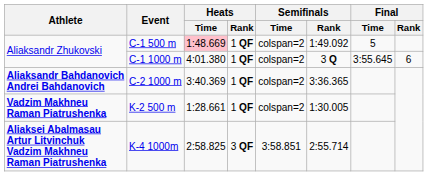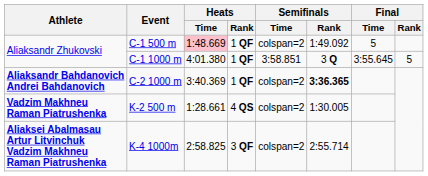 <table class=wikitable style="font-size:90%">
 <tr>
 <th rowspan="2">Athlete</th>
 <th rowspan="2">Event</th>
 <th colspan="2">Heats</th>
 <th colspan="2">Semifinals</th>
 <th colspan="2">Final</th>
 </tr>
 <tr style="font-size:95%">
 <th>Time</th>
 <th>Rank</th>
 <th>Time</th>
 <th>Rank</th>
 <th>Time</th>
 <th>Rank</th>
 </tr>
 <tr align=center>
 <td align=left rowspan=2><a href='#'>Aliaksandr Zhukovski</a></td>
 <td align=left><a href='#'>C-1 500 m</a></td>
 <td style="background: pink;">1:48.669</td>
 <td>1 <strong>QF</strong></td>
 <td>colspan=2 </td>
 <td>1:49.092</td>
 <td>5</td>
 </tr>
 <tr align=center>
 <td align=left><a href='#'>C-1 1000 m</a></td>
 <td>4:01.380</td>
 <td>1 <strong>QF</strong></td>
-<td>colspan=2 </td>
+<td>3:58.851</td>
 <td>3 <strong>Q</strong></td>
 <td>3:55.645</td>
-<td>6</td>
+<td>5</td>
 </tr>
 <tr align=center>
 <td align=left><strong><a href='#'>Aliaksandr Bahdanovich</a><br><a href='#'>Andrei Bahdanovich</a></strong></td>
 <td align=left><a href='#'>C-2 1000 m</a></td>
 <td>3:40.369</td>
 <td>1 <strong>QF</strong></td>
 <td>colspan=2 </td>
-<td>3:36.365</td>
+<td><strong>3:36.365</strong></td>
 <td></td>
 </tr>
 <tr align=center>
 <td align=left><strong><a href='#'>Vadzim Makhneu</a><br> <a href='#'>Raman Piatrushenka</a></strong></td>
 <td align=left><a href='#'>K-2 500 m</a></td>
 <td>1:28.661</td>
-<td>1 <strong>QF</strong></td>
+<td>4 <strong>QS</strong></td>
 <td>colspan=2 </td>
 <td>1:30.005</td>
 <td></td>
 </tr>
 <tr align=center>
 <td align=left><strong><a href='#'>Aliaksei Abalmasau</a><br><a href='#'>Artur Litvinchuk</a><br><a href='#'>Vadzim Makhneu</a><br><a href='#'>Raman Piatrushenka</a></strong></td>
 <td align=left><a href='#'>K-4 1000m</a></td>
 <td align=center>2:58.825</td>
 <td align=center>3 <strong>QF</strong></td>
-<td>3:58.851</td>
+<td>colspan=2 </td>
 <td>2:55.714</td>
 <td></td>
 </tr>
 </table>
